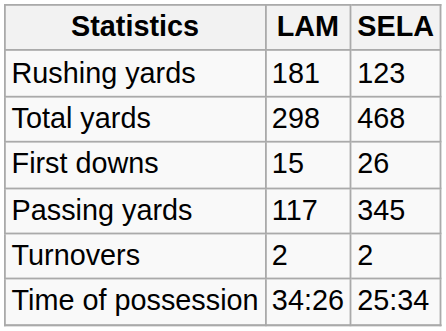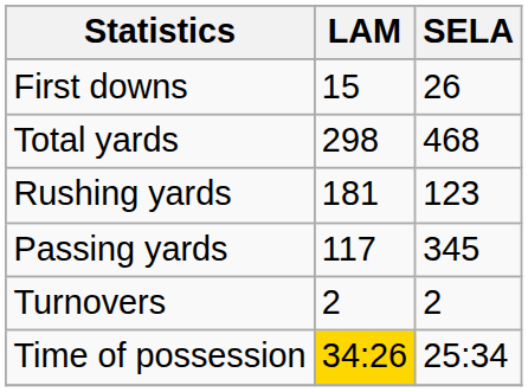 <table class="wikitable">
 <tr>
 <th>Statistics</th>
 <th>LAM</th>
 <th>SELA</th>
 </tr>
 <tr>
-<td>Rushing yards</td>
-<td>181</td>
-<td>123</td>
+<td>First downs</td>
+<td>15</td>
+<td>26</td>
 </tr>
 <tr>
 <td>Total yards</td>
 <td>298</td>
 <td>468</td>
 </tr>
 <tr>
-<td>First downs</td>
-<td>15</td>
-<td>26</td>
+<td>Rushing yards</td>
+<td>181</td>
+<td>123</td>
 </tr>
 <tr>
 <td>Passing yards</td>
 <td>117</td>
 <td>345</td>
 </tr>
 <tr>
 <td>Turnovers</td>
 <td>2</td>
 <td>2</td>
 </tr>
 <tr>
 <td>Time of possession</td>
-<td>34:26</td>
+<td style="background: gold;">34:26</td>
 <td>25:34</td>
 </tr>
 <tr>
 </tr>
 </table>
